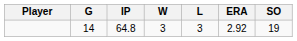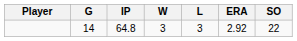 <table class="wikitable sortable">
 <tr>
 <th bgcolor="#DDDDFF" width="16%">Player</th>
 <th bgcolor="#DDDDFF" width="9%">G</th>
 <th bgcolor="#DDDDFF" width="9%">IP</th>
 <th bgcolor="#DDDDFF" width="9%">W</th>
 <th bgcolor="#DDDDFF" width="9%">L</th>
 <th bgcolor="#DDDDFF" width="9%">ERA</th>
 <th bgcolor="#DDDDFF" width="9%">SO</th>
 </tr>
 <tr align="center">
 <td></td>
 <td>14</td>
 <td>64.8</td>
 <td>3</td>
 <td>3</td>
 <td>2.92</td>
-<td>19</td>
+<td>22</td>
 </tr>
 </table>
